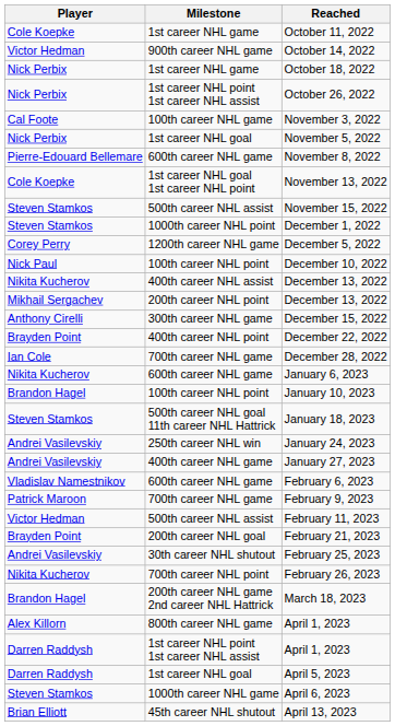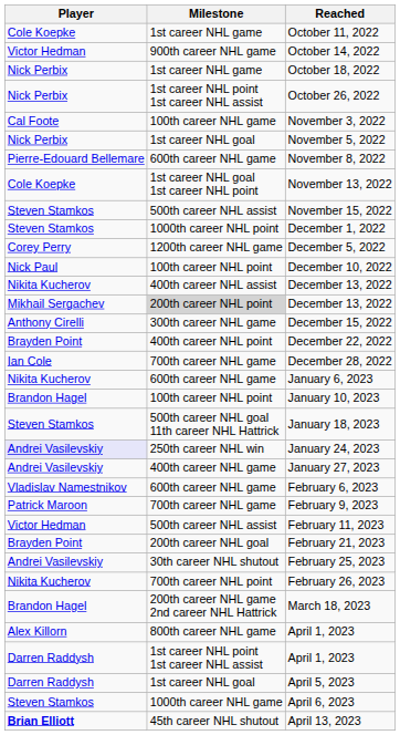 <table class="wikitable sortable">
 <tr align=center>
 <th>Player</th>
 <th>Milestone</th>
 <th data-sort-type="date">Reached</th>
 </tr>
 <tr>
 <td><a href='#'>Cole Koepke</a></td>
 <td>1st career NHL game</td>
 <td>October 11, 2022</td>
 </tr>
 <tr>
 <td><a href='#'>Victor Hedman</a></td>
 <td>900th career NHL game</td>
 <td>October 14, 2022</td>
 </tr>
 <tr>
 <td><a href='#'>Nick Perbix</a></td>
 <td>1st career NHL game</td>
 <td>October 18, 2022</td>
 </tr>
 <tr>
 <td><a href='#'>Nick Perbix</a></td>
 <td>1st career NHL point<br>1st career NHL assist</td>
 <td>October 26, 2022</td>
 </tr>
 <tr>
 <td><a href='#'>Cal Foote</a></td>
 <td>100th career NHL game</td>
 <td>November 3, 2022</td>
 </tr>
 <tr>
 <td><a href='#'>Nick Perbix</a></td>
 <td>1st career NHL goal</td>
 <td>November 5, 2022</td>
 </tr>
 <tr>
 <td><a href='#'>Pierre-Edouard Bellemare</a></td>
 <td>600th career NHL game</td>
 <td>November 8, 2022</td>
 </tr>
 <tr>
 <td><a href='#'>Cole Koepke</a></td>
 <td>1st career NHL goal<br>1st career NHL point</td>
 <td>November 13, 2022</td>
 </tr>
 <tr>
 <td><a href='#'>Steven Stamkos</a></td>
 <td>500th career NHL assist</td>
 <td>November 15, 2022</td>
 </tr>
 <tr>
 <td><a href='#'>Steven Stamkos</a></td>
 <td>1000th career NHL point</td>
 <td>December 1, 2022</td>
 </tr>
 <tr>
 <td><a href='#'>Corey Perry</a></td>
 <td>1200th career NHL game</td>
 <td>December 5, 2022</td>
 </tr>
 <tr>
 <td><a href='#'>Nick Paul</a></td>
 <td>100th career NHL point</td>
 <td>December 10, 2022</td>
 </tr>
 <tr>
 <td><a href='#'>Nikita Kucherov</a></td>
 <td>400th career NHL assist</td>
 <td>December 13, 2022</td>
 </tr>
 <tr>
 <td><a href='#'>Mikhail Sergachev</a></td>
-<td>200th career NHL point</td>
+<td style="background: lightgrey;">200th career NHL point</td>
 <td>December 13, 2022</td>
 </tr>
 <tr>
 <td><a href='#'>Anthony Cirelli</a></td>
 <td>300th career NHL game</td>
 <td>December 15, 2022</td>
 </tr>
 <tr>
 <td><a href='#'>Brayden Point</a></td>
 <td>400th career NHL point</td>
 <td>December 22, 2022</td>
 </tr>
 <tr>
 <td><a href='#'>Ian Cole</a></td>
 <td>700th career NHL game</td>
 <td>December 28, 2022</td>
 </tr>
 <tr>
 <td><a href='#'>Nikita Kucherov</a></td>
 <td>600th career NHL game</td>
 <td>January 6, 2023</td>
 </tr>
 <tr>
 <td><a href='#'>Brandon Hagel</a></td>
 <td>100th career NHL point</td>
 <td>January 10, 2023</td>
 </tr>
 <tr>
 <td><a href='#'>Steven Stamkos</a></td>
 <td>500th career NHL goal<br>11th career NHL Hattrick</td>
 <td>January 18, 2023</td>
 </tr>
 <tr>
-<td><a href='#'>Andrei Vasilevskiy</a></td>
+<td style="background: lavender;"><a href='#'>Andrei Vasilevskiy</a></td>
 <td>250th career NHL win</td>
 <td>January 24, 2023</td>
 </tr>
 <tr>
 <td><a href='#'>Andrei Vasilevskiy</a></td>
 <td>400th career NHL game</td>
 <td>January 27, 2023</td>
 </tr>
 <tr>
 <td><a href='#'>Vladislav Namestnikov</a></td>
 <td>600th career NHL game</td>
 <td>February 6, 2023</td>
 </tr>
 <tr>
 <td><a href='#'>Patrick Maroon</a></td>
 <td>700th career NHL game</td>
 <td>February 9, 2023</td>
 </tr>
 <tr>
 <td><a href='#'>Victor Hedman</a></td>
 <td>500th career NHL assist</td>
 <td>February 11, 2023</td>
 </tr>
 <tr>
 <td><a href='#'>Brayden Point</a></td>
 <td>200th career NHL goal</td>
 <td>February 21, 2023</td>
 </tr>
 <tr>
 <td><a href='#'>Andrei Vasilevskiy</a></td>
 <td>30th career NHL shutout</td>
 <td>February 25, 2023</td>
 </tr>
 <tr>
 <td><a href='#'>Nikita Kucherov</a></td>
 <td>700th career NHL point</td>
 <td>February 26, 2023</td>
 </tr>
 <tr>
 <td><a href='#'>Brandon Hagel</a></td>
 <td>200th career NHL game<br>2nd career NHL Hattrick</td>
 <td>March 18, 2023</td>
 </tr>
 <tr>
 <td><a href='#'>Alex Killorn</a></td>
 <td>800th career NHL game</td>
 <td>April 1, 2023</td>
 </tr>
 <tr>
 <td><a href='#'>Darren Raddysh</a></td>
 <td>1st career NHL point<br>1st career NHL assist</td>
 <td>April 1, 2023</td>
 </tr>
 <tr>
 <td><a href='#'>Darren Raddysh</a></td>
 <td>1st career NHL goal</td>
 <td>April 5, 2023</td>
 </tr>
 <tr>
 <td><a href='#'>Steven Stamkos</a></td>
 <td>1000th career NHL game</td>
 <td>April 6, 2023</td>
 </tr>
 <tr>
-<td><a href='#'>Brian Elliott</a></td>
+<td><strong><a href='#'>Brian Elliott</a></strong></td>
 <td>45th career NHL shutout</td>
 <td>April 13, 2023</td>
 </tr>
 </table>
